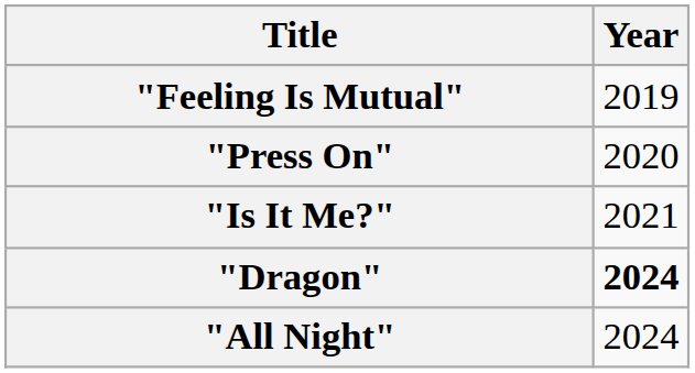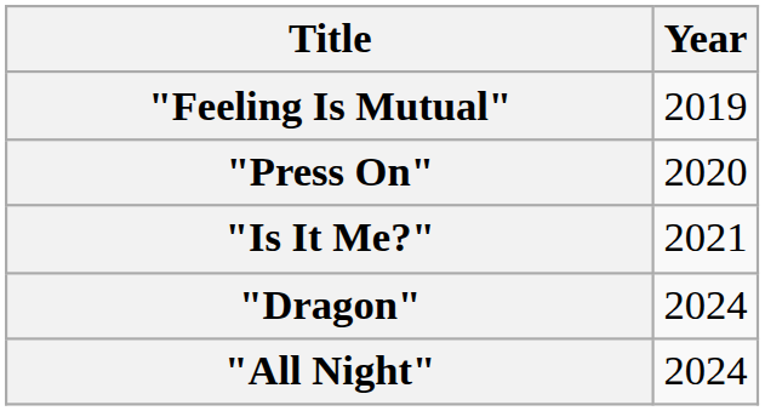 <table class="wikitable plainrowheaders" style="text-align:left;">
 <tr>
 <th scope="col" style="width:15em;">Title</th>
 <th scope="col">Year</th>
 </tr>
 <tr>
 <th scope="row">"Feeling Is Mutual"<br></th>
 <td>2019</td>
 </tr>
 <tr>
 <th scope="row">"Press On"</th>
 <td>2020</td>
 </tr>
 <tr>
 <th scope="row">"Is It Me?"</th>
 <td>2021</td>
 </tr>
 <tr>
 <th scope="row">"Dragon"</th>
-<td><strong>2024</strong></td>
+<td>2024</td>
 </tr>
 <tr>
 <th scope="row">"All Night"</th>
 <td>2024</td>
 </tr>
 </table>
